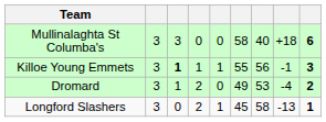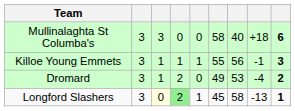 <table class="wikitable" style="text-align:center">
 <tr>
 <th style="width:175px;">Team</th>
 <th width="20"></th>
 <th width="20"></th>
 <th width="20"></th>
 <th width="20"></th>
 <th width="20"></th>
 <th width="20"></th>
 <th width="20"></th>
 <th width="20"></th>
 </tr>
 <tr style="background:#cfc;">
 <td>Mullinalaghta St Columba's</td>
 <td>3</td>
 <td>3</td>
 <td>0</td>
 <td>0</td>
 <td>58</td>
 <td>40</td>
 <td>+18</td>
 <td><strong>6</strong></td>
 </tr>
 <tr style="background:#cfc;">
 <td>Killoe Young Emmets</td>
 <td>3</td>
-<td><strong>1</strong></td>
+<td>1</td>
 <td>1</td>
 <td>1</td>
 <td>55</td>
 <td>56</td>
 <td>-1</td>
 <td><strong>3</strong></td>
 </tr>
 <tr style="background:#cfc;">
 <td>Dromard</td>
 <td>3</td>
 <td>1</td>
 <td>2</td>
 <td>0</td>
 <td>49</td>
 <td>53</td>
 <td>-4</td>
 <td><strong>2</strong></td>
 </tr>
 <tr>
 <td>Longford Slashers</td>
 <td>3</td>
-<td>0</td>
-<td>2</td>
+<td style="background: lightyellow;">0</td>
+<td style="background: lightgreen;">2</td>
 <td>1</td>
 <td>45</td>
 <td>58</td>
 <td>-13</td>
 <td><strong>1</strong></td>
 </tr>
 </table>
